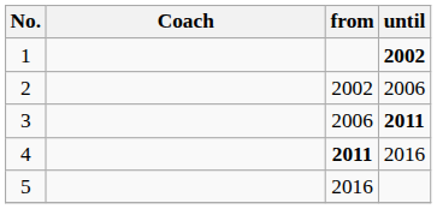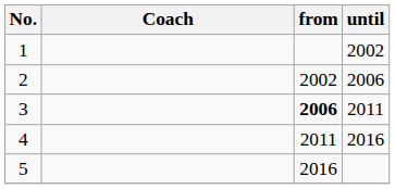 <table class="wikitable sortable" style="text-align:center">
 <tr>
 <th>No.</th>
 <th style="width:13em">Coach</th>
 <th>from</th>
 <th>until</th>
 </tr>
 <tr>
 <td>1</td>
 <td align=left> </td>
 <td></td>
-<td><strong>2002</strong></td>
+<td>2002</td>
 </tr>
 <tr>
 <td>2</td>
 <td align=left> </td>
 <td>2002</td>
 <td>2006</td>
 </tr>
 <tr>
 <td>3</td>
 <td align=left> </td>
-<td>2006</td>
-<td><strong>2011</strong></td>
+<td><strong>2006</strong></td>
+<td>2011</td>
 </tr>
 <tr>
 <td>4</td>
 <td align=left> </td>
-<td><strong>2011</strong></td>
+<td>2011</td>
 <td>2016</td>
 </tr>
 <tr>
 <td>5</td>
 <td align=left> </td>
 <td>2016</td>
 <td></td>
 </tr>
 <tr>
 </tr>
 </table>
